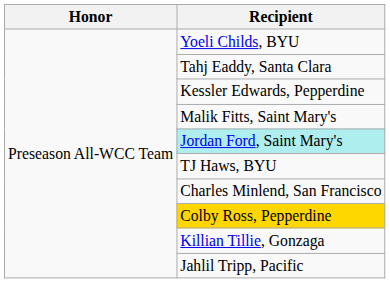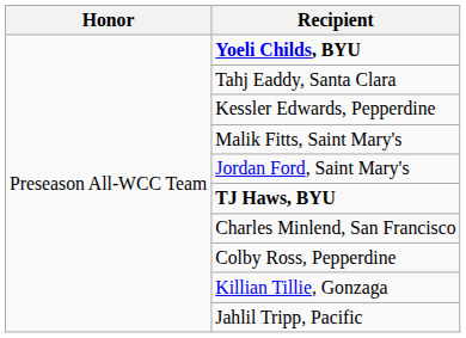 <table class="wikitable">
 <tr>
 <th>Honor</th>
 <th>Recipient</th>
 </tr>
 <tr>
 <td rowspan="10">Preseason All-WCC Team</td>
-<td><a href='#'>Yoeli Childs</a>, BYU</td>
+<td><strong><a href='#'>Yoeli Childs</a>, BYU</strong></td>
 </tr>
 <tr>
 <td>Tahj Eaddy, Santa Clara</td>
 </tr>
 <tr>
 <td>Kessler Edwards, Pepperdine</td>
 </tr>
 <tr>
 <td>Malik Fitts, Saint Mary's</td>
 </tr>
 <tr>
-<td style="background: paleturquoise;"><a href='#'>Jordan Ford</a>, Saint Mary's</td>
+<td><a href='#'>Jordan Ford</a>, Saint Mary's</td>
 </tr>
 <tr>
-<td>TJ Haws, BYU</td>
+<td><strong>TJ Haws, BYU</strong></td>
 </tr>
 <tr>
 <td>Charles Minlend, San Francisco</td>
 </tr>
 <tr>
-<td style="background: gold;">Colby Ross, Pepperdine</td>
+<td>Colby Ross, Pepperdine</td>
 </tr>
 <tr>
 <td><a href='#'>Killian Tillie</a>, Gonzaga</td>
 </tr>
 <tr>
 <td>Jahlil Tripp, Pacific</td>
 </tr>
 </table>
